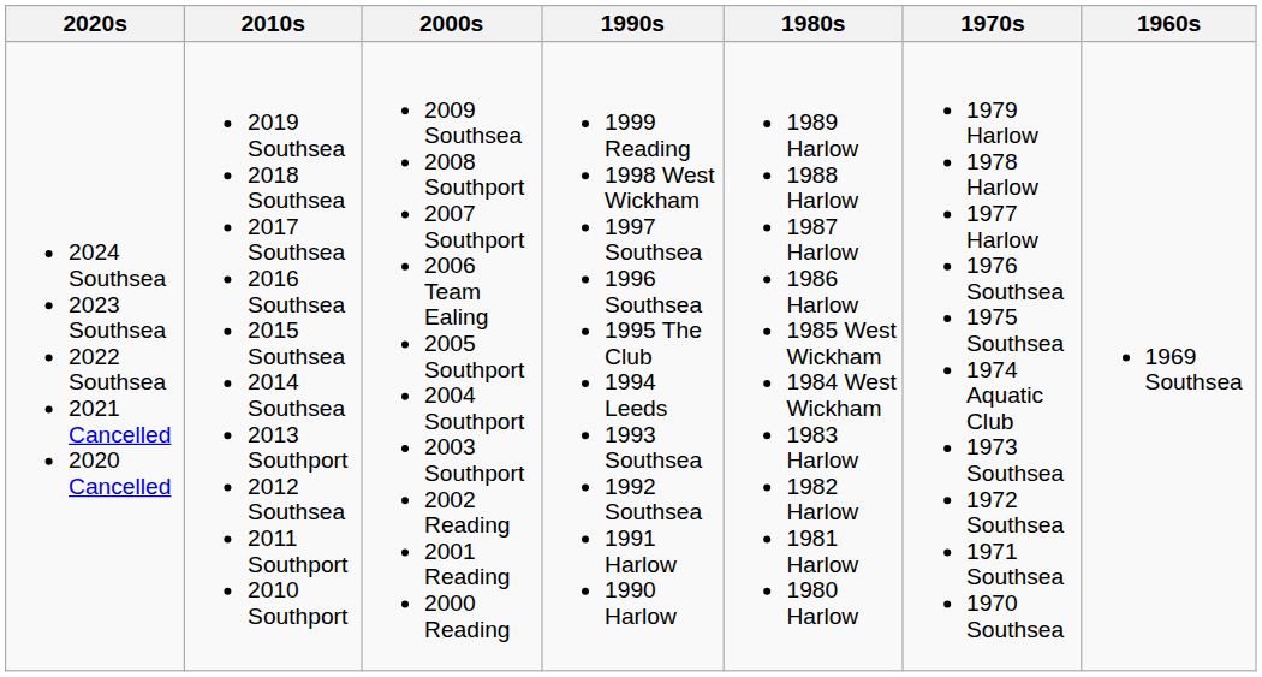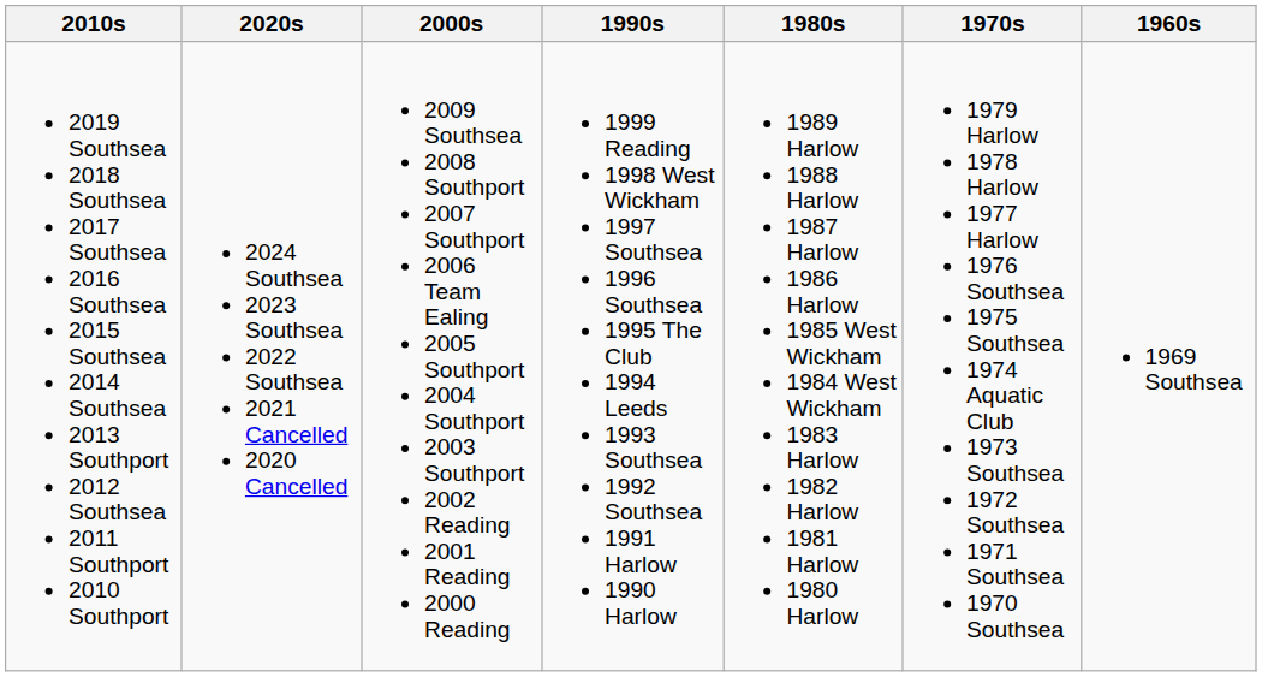 <table class="wikitable">
 <tr>
+<th>2010s</th>
 <th>2020s</th>
-<th>2010s</th>
 <th>2000s</th>
 <th>1990s</th>
 <th>1980s</th>
 <th>1970s</th>
 <th>1960s</th>
 </tr>
 <tr>
+<td><br><ul><li>2019	Southsea</li><li>2018	Southsea</li><li>2017	Southsea</li><li>2016	Southsea</li><li>2015	Southsea</li><li>2014	Southsea</li><li>2013	Southport</li><li>2012	Southsea</li><li>2011	Southport</li><li>2010	Southport</li></ul></td>
 <td><br><ul><li>2024	Southsea</li><li>2023	Southsea</li><li>2022	Southsea</li><li>2021	<a href='#'>Cancelled</a></li><li>2020	<a href='#'>Cancelled</a></li></ul></td>
-<td><br><ul><li>2019	Southsea</li><li>2018	Southsea</li><li>2017	Southsea</li><li>2016	Southsea</li><li>2015	Southsea</li><li>2014	Southsea</li><li>2013	Southport</li><li>2012	Southsea</li><li>2011	Southport</li><li>2010	Southport</li></ul></td>
 <td><br><ul><li>2009	Southsea</li><li>2008	Southport</li><li>2007	Southport</li><li>2006	Team Ealing</li><li>2005	Southport</li><li>2004	Southport</li><li>2003	Southport</li><li>2002	Reading</li><li>2001	Reading</li><li>2000	Reading</li></ul></td>
 <td><br><ul><li>1999	Reading</li><li>1998	West Wickham</li><li>1997	Southsea</li><li>1996	Southsea</li><li>1995	The Club</li><li>1994	Leeds</li><li>1993	Southsea</li><li>1992	Southsea</li><li>1991	Harlow</li><li>1990	Harlow</li></ul></td>
 <td><br><ul><li>1989	Harlow</li><li>1988	Harlow</li><li>1987	Harlow</li><li>1986	Harlow</li><li>1985	West Wickham</li><li>1984	West Wickham</li><li>1983	Harlow</li><li>1982	Harlow</li><li>1981	Harlow</li><li>1980	Harlow</li></ul></td>
 <td><br><ul><li>1979	Harlow</li><li>1978	Harlow</li><li>1977	Harlow</li><li>1976	Southsea</li><li>1975	Southsea</li><li>1974	Aquatic Club</li><li>1973	Southsea</li><li>1972	Southsea</li><li>1971	Southsea</li><li>1970	Southsea</li></ul></td>
 <td><br><ul><li>1969	Southsea</li></ul></td>
 </tr>
 </table>
